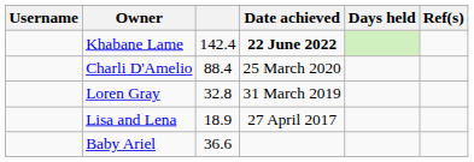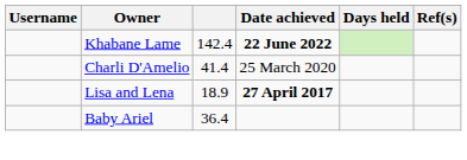 <table class="wikitable sortable">
 <tr>
 <th>Username</th>
 <th>Owner</th>
 <th></th>
 <th>Date achieved</th>
 <th>Days held</th>
 <th class="unsortable">Ref(s)</th>
 </tr>
 <tr>
 <td></td>
 <td><a href='#'>Khabane Lame</a></td>
 <td align=center>142.4</td>
 <td align=center><strong>22 June 2022</strong></td>
 <td style="background:#d0f0c0; text-align:center;"></td>
 <td align=center></td>
 </tr>
 <tr>
 <td></td>
 <td><a href='#'>Charli D'Amelio</a></td>
-<td align=center>88.4</td>
+<td align=center>41.4</td>
 <td align=center>25 March 2020</td>
 <td style="text-align:center;"></td>
 <td align=center></td>
 </tr>
 <tr>
 <td></td>
-<td><a href='#'>Loren Gray</a></td>
-<td align=center>32.8</td>
-<td align=center>31 March 2019</td>
-<td align=center></td>
-<td align=center></td>
-</tr>
-<tr>
-<td></td>
 <td><a href='#'>Lisa and Lena</a></td>
 <td align=center>18.9</td>
-<td align=center>27 April 2017</td>
+<td align=center><strong>27 April 2017</strong></td>
 <td align=center></td>
 <td align=center></td>
 </tr>
 <tr>
 <td></td>
 <td><a href='#'>Baby Ariel</a></td>
-<td align=center>36.6</td>
+<td align=center>36.4</td>
 <td></td>
 <td></td>
 <td align=center></td>
 </tr>
 </table>
